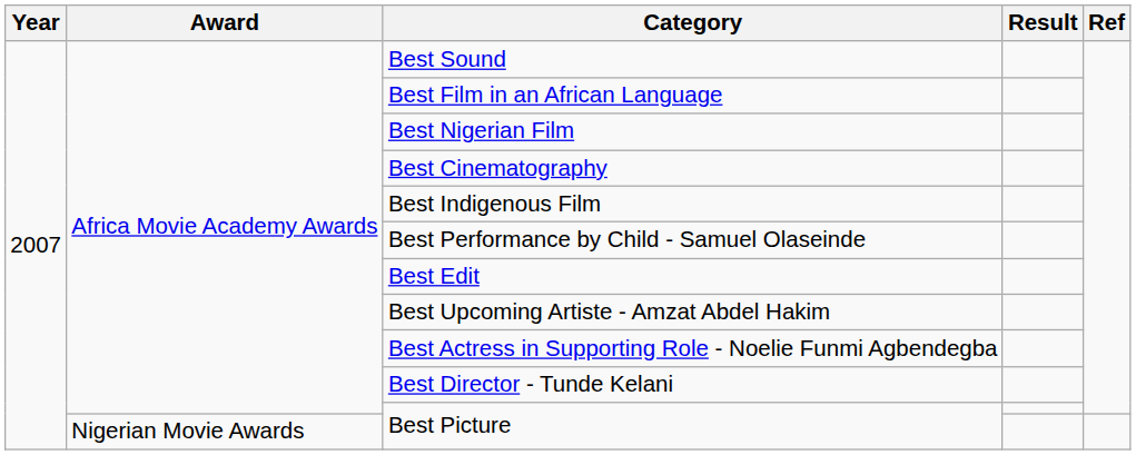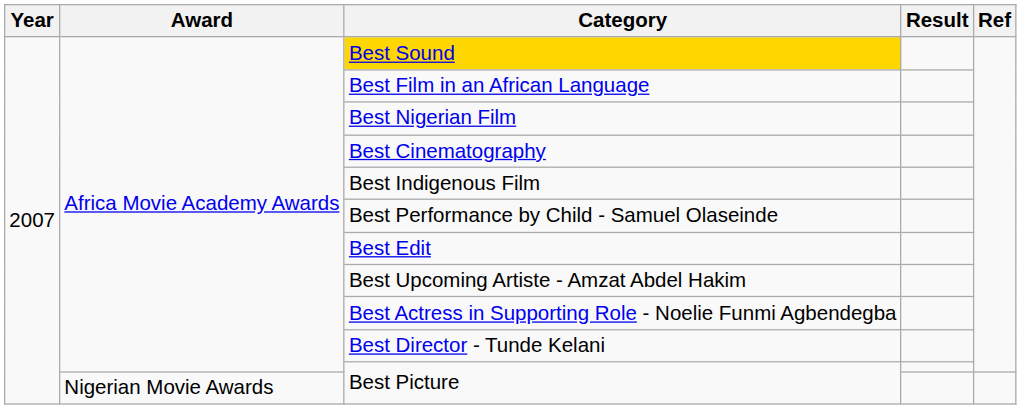 <table class="wikitable">
 <tr>
 <th>Year</th>
 <th>Award</th>
 <th>Category</th>
 <th>Result</th>
 <th>Ref</th>
 </tr>
 <tr>
 <td rowspan="12">2007</td>
 <td rowspan="11"><a href='#'>Africa Movie Academy Awards</a></td>
-<td><a href='#'>Best Sound</a></td>
+<td style="background: gold;"><a href='#'>Best Sound</a></td>
 <td></td>
 <td rowspan="11"></td>
 </tr>
 <tr>
 <td><a href='#'>Best Film in an African Language</a></td>
 <td></td>
 </tr>
 <tr>
 <td><a href='#'>Best Nigerian Film</a></td>
 <td></td>
 </tr>
 <tr>
 <td><a href='#'>Best Cinematography</a></td>
 <td></td>
 </tr>
 <tr>
 <td>Best Indigenous Film</td>
 <td></td>
 </tr>
 <tr>
 <td>Best Performance by Child - Samuel Olaseinde</td>
 <td></td>
 </tr>
 <tr>
 <td><a href='#'>Best Edit</a></td>
 <td></td>
 </tr>
 <tr>
 <td>Best Upcoming Artiste - Amzat Abdel Hakim</td>
 <td></td>
 </tr>
 <tr>
 <td><a href='#'>Best Actress in Supporting Role</a> - Noelie Funmi Agbendegba</td>
 <td></td>
 </tr>
 <tr>
 <td><a href='#'>Best Director</a> - Tunde Kelani</td>
 <td></td>
 </tr>
 <tr>
 <td rowspan="2">Best Picture</td>
 <td></td>
 </tr>
 <tr>
 <td>Nigerian Movie Awards</td>
 <td></td>
 <td></td>
 </tr>
 </table>
